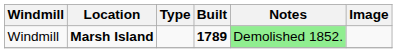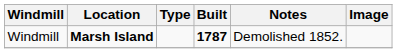 <table class="wikitable">
 <tr>
 <th>Windmill</th>
 <th>Location</th>
 <th>Type</th>
 <th>Built</th>
 <th>Notes</th>
 <th>Image</th>
 </tr>
 <tr>
 <td>Windmill</td>
 <td><strong>Marsh Island</strong></td>
 <td></td>
-<td><strong>1789</strong></td>
-<td style="background: lightgreen;">Demolished 1852.</td>
+<td><strong>1787</strong></td>
+<td>Demolished 1852.</td>
 <td></td>
 </tr>
 <tr>
 </tr>
 </table>
